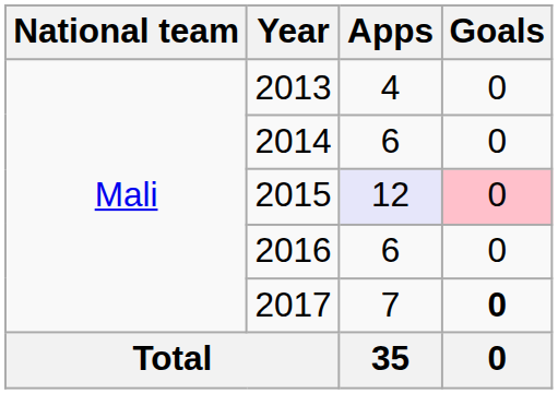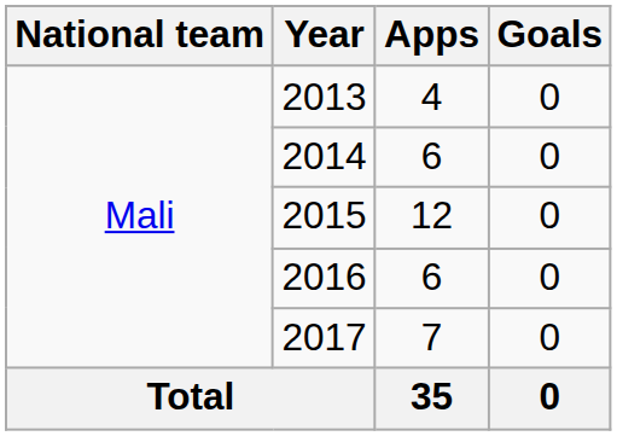 <table class="wikitable" style="text-align:center">
 <tr>
 <th>National team</th>
 <th>Year</th>
 <th>Apps</th>
 <th>Goals</th>
 </tr>
 <tr>
 <td rowspan="5"><a href='#'>Mali</a></td>
 <td>2013</td>
 <td>4</td>
 <td>0</td>
 </tr>
 <tr>
 <td>2014</td>
 <td>6</td>
 <td>0</td>
 </tr>
 <tr>
 <td>2015</td>
-<td style="background: lavender;">12</td>
-<td style="background: pink;">0</td>
+<td>12</td>
+<td>0</td>
 </tr>
 <tr>
 <td>2016</td>
 <td>6</td>
 <td>0</td>
 </tr>
 <tr>
 <td>2017</td>
 <td>7</td>
-<td><strong>0</strong></td>
+<td>0</td>
 </tr>
 <tr>
 <th colspan="2">Total</th>
 <th>35</th>
 <th>0</th>
 </tr>
 </table>
